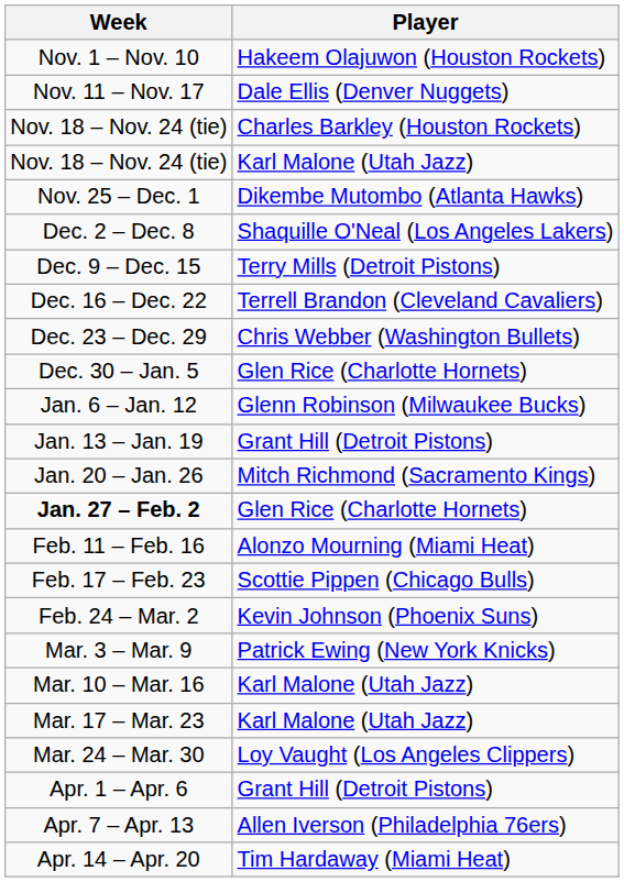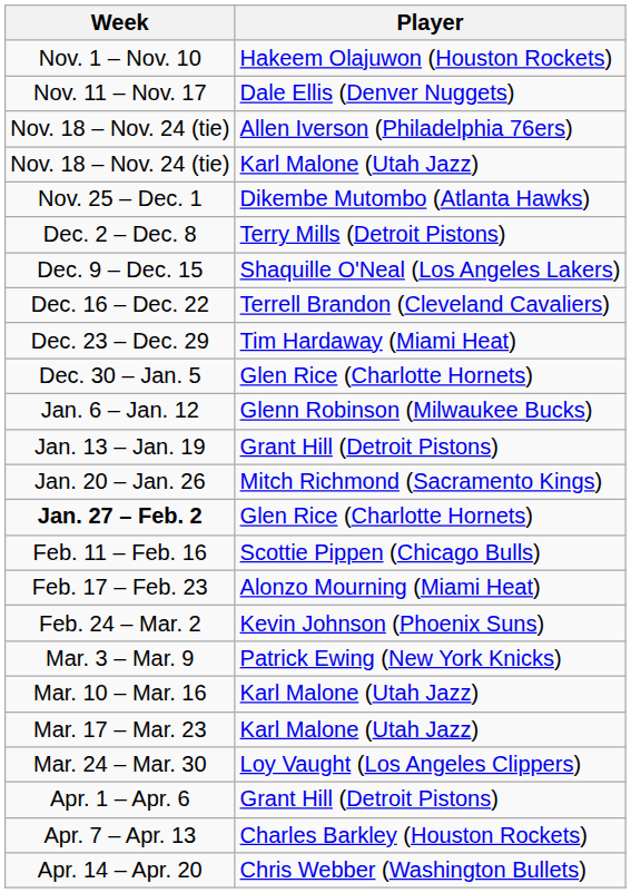 <table class="wikitable">
 <tr>
 <th>Week</th>
 <th>Player</th>
 </tr>
 <tr>
 <td align=center>Nov. 1 – Nov. 10</td>
 <td><a href='#'>Hakeem Olajuwon</a> (<a href='#'>Houston Rockets</a>)</td>
 </tr>
 <tr>
 <td align=center>Nov. 11 – Nov. 17</td>
 <td><a href='#'>Dale Ellis</a> (<a href='#'>Denver Nuggets</a>)</td>
 </tr>
 <tr>
 <td align=center>Nov. 18 – Nov. 24 (tie)</td>
-<td><a href='#'>Charles Barkley</a> (<a href='#'>Houston Rockets</a>)</td>
+<td><a href='#'>Allen Iverson</a> (<a href='#'>Philadelphia 76ers</a>)</td>
 </tr>
 <tr>
 <td align=center>Nov. 18 – Nov. 24 (tie)</td>
 <td><a href='#'>Karl Malone</a> (<a href='#'>Utah Jazz</a>)</td>
 </tr>
 <tr>
 <td align=center>Nov. 25 – Dec. 1</td>
 <td><a href='#'>Dikembe Mutombo</a> (<a href='#'>Atlanta Hawks</a>)</td>
 </tr>
 <tr>
 <td align=center>Dec. 2 – Dec. 8</td>
-<td><a href='#'>Shaquille O'Neal</a> (<a href='#'>Los Angeles Lakers</a>)</td>
+<td><a href='#'>Terry Mills</a> (<a href='#'>Detroit Pistons</a>)</td>
 </tr>
 <tr>
 <td align=center>Dec. 9 – Dec. 15</td>
-<td><a href='#'>Terry Mills</a> (<a href='#'>Detroit Pistons</a>)</td>
+<td><a href='#'>Shaquille O'Neal</a> (<a href='#'>Los Angeles Lakers</a>)</td>
 </tr>
 <tr>
 <td align=center>Dec. 16 – Dec. 22</td>
 <td><a href='#'>Terrell Brandon</a> (<a href='#'>Cleveland Cavaliers</a>)</td>
 </tr>
 <tr>
 <td align=center>Dec. 23 – Dec. 29</td>
-<td><a href='#'>Chris Webber</a> (<a href='#'>Washington Bullets</a>)</td>
+<td><a href='#'>Tim Hardaway</a> (<a href='#'>Miami Heat</a>)</td>
 </tr>
 <tr>
 <td align=center>Dec. 30 – Jan. 5</td>
 <td><a href='#'>Glen Rice</a> (<a href='#'>Charlotte Hornets</a>)</td>
 </tr>
 <tr>
 <td align=center>Jan. 6 – Jan. 12</td>
 <td><a href='#'>Glenn Robinson</a> (<a href='#'>Milwaukee Bucks</a>)</td>
 </tr>
 <tr>
 <td align=center>Jan. 13 – Jan. 19</td>
 <td><a href='#'>Grant Hill</a> (<a href='#'>Detroit Pistons</a>)</td>
 </tr>
 <tr>
 <td align=center>Jan. 20 – Jan. 26</td>
 <td><a href='#'>Mitch Richmond</a> (<a href='#'>Sacramento Kings</a>)</td>
 </tr>
 <tr>
 <td align=center><strong>Jan. 27 – Feb. 2</strong></td>
 <td><a href='#'>Glen Rice</a> (<a href='#'>Charlotte Hornets</a>)</td>
 </tr>
 <tr>
 <td align=center>Feb. 11 – Feb. 16</td>
-<td><a href='#'>Alonzo Mourning</a> (<a href='#'>Miami Heat</a>)</td>
+<td><a href='#'>Scottie Pippen</a> (<a href='#'>Chicago Bulls</a>)</td>
 </tr>
 <tr>
 <td align=center>Feb. 17 – Feb. 23</td>
-<td><a href='#'>Scottie Pippen</a> (<a href='#'>Chicago Bulls</a>)</td>
+<td><a href='#'>Alonzo Mourning</a> (<a href='#'>Miami Heat</a>)</td>
 </tr>
 <tr>
 <td align=center>Feb. 24 – Mar. 2</td>
 <td><a href='#'>Kevin Johnson</a> (<a href='#'>Phoenix Suns</a>)</td>
 </tr>
 <tr>
 <td align=center>Mar. 3 – Mar. 9</td>
 <td><a href='#'>Patrick Ewing</a> (<a href='#'>New York Knicks</a>)</td>
 </tr>
 <tr>
 <td align=center>Mar. 10 – Mar. 16</td>
 <td><a href='#'>Karl Malone</a> (<a href='#'>Utah Jazz</a>)</td>
 </tr>
 <tr>
 <td align=center>Mar. 17 – Mar. 23</td>
 <td><a href='#'>Karl Malone</a> (<a href='#'>Utah Jazz</a>)</td>
 </tr>
 <tr>
 <td align=center>Mar. 24 – Mar. 30</td>
 <td><a href='#'>Loy Vaught</a> (<a href='#'>Los Angeles Clippers</a>)</td>
 </tr>
 <tr>
 <td align=center>Apr. 1 – Apr. 6</td>
 <td><a href='#'>Grant Hill</a> (<a href='#'>Detroit Pistons</a>)</td>
 </tr>
 <tr>
 <td align=center>Apr. 7 – Apr. 13</td>
-<td><a href='#'>Allen Iverson</a> (<a href='#'>Philadelphia 76ers</a>)</td>
+<td><a href='#'>Charles Barkley</a> (<a href='#'>Houston Rockets</a>)</td>
 </tr>
 <tr>
 <td align=center>Apr. 14 – Apr. 20</td>
-<td><a href='#'>Tim Hardaway</a> (<a href='#'>Miami Heat</a>)</td>
+<td><a href='#'>Chris Webber</a> (<a href='#'>Washington Bullets</a>)</td>
 </tr>
 </table>
